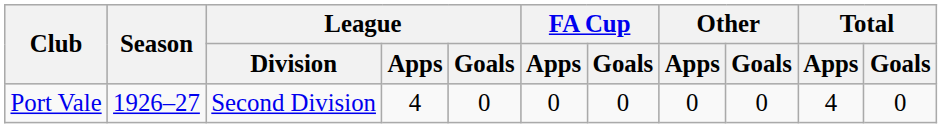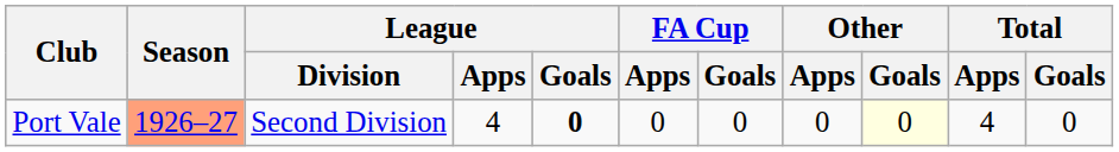 <table class="wikitable" style="text-align:center">
 <tr>
 <th rowspan="2">Club</th>
 <th rowspan="2">Season</th>
 <th colspan="3">League</th>
 <th colspan="2"><a href='#'>FA Cup</a></th>
 <th colspan="2">Other</th>
 <th colspan="2">Total</th>
 </tr>
 <tr>
 <th>Division</th>
 <th>Apps</th>
 <th>Goals</th>
 <th>Apps</th>
 <th>Goals</th>
 <th>Apps</th>
 <th>Goals</th>
 <th>Apps</th>
 <th>Goals</th>
 </tr>
 <tr>
 <td><a href='#'>Port Vale</a></td>
-<td><a href='#'>1926–27</a></td>
+<td style="background: lightsalmon;"><a href='#'>1926–27</a></td>
 <td><a href='#'>Second Division</a></td>
 <td>4</td>
+<td><strong>0</strong></td>
 <td>0</td>
 <td>0</td>
 <td>0</td>
-<td>0</td>
-<td>0</td>
+<td style="background: lightyellow;">0</td>
 <td>4</td>
 <td>0</td>
 </tr>
 </table>
